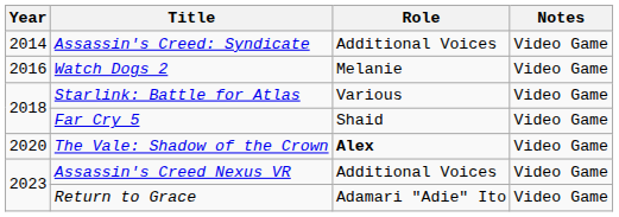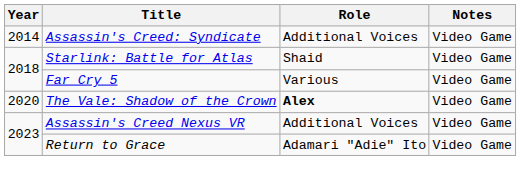 <table class="wikitable sortable">
 <tr>
 <th>Year</th>
 <th>Title</th>
 <th>Role</th>
 <th>Notes</th>
 </tr>
 <tr>
 <td>2014</td>
 <td><em><a href='#'>Assassin's Creed: Syndicate</a></em></td>
 <td>Additional Voices</td>
 <td>Video Game</td>
 </tr>
 <tr>
-<td>2016</td>
-<td><em><a href='#'>Watch Dogs 2</a></em></td>
-<td>Melanie</td>
-<td>Video Game</td>
-</tr>
-<tr>
 <td rowspan=2>2018</td>
 <td><em><a href='#'>Starlink: Battle for Atlas</a></em></td>
-<td>Various</td>
+<td>Shaid</td>
 <td>Video Game</td>
 </tr>
 <tr>
 <td><em><a href='#'>Far Cry 5</a></em></td>
-<td>Shaid</td>
+<td>Various</td>
 <td>Video Game</td>
 </tr>
 <tr>
 <td>2020</td>
 <td><em><a href='#'>The Vale: Shadow of the Crown</a></em></td>
 <td><strong>Alex</strong></td>
 <td>Video Game</td>
 </tr>
 <tr>
 <td rowspan=2>2023</td>
 <td><em><a href='#'>Assassin's Creed Nexus VR</a></em></td>
 <td>Additional Voices</td>
 <td>Video Game</td>
 </tr>
 <tr>
 <td><em>Return to Grace</em></td>
 <td>Adamari "Adie" Ito</td>
 <td>Video Game</td>
 </tr>
 </table>
